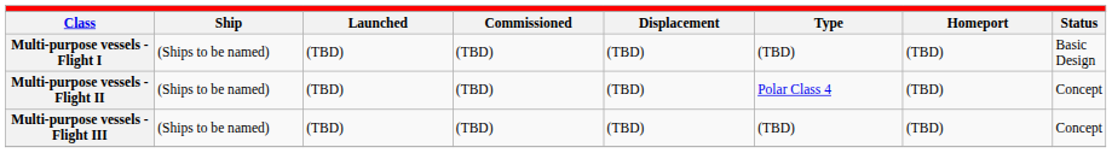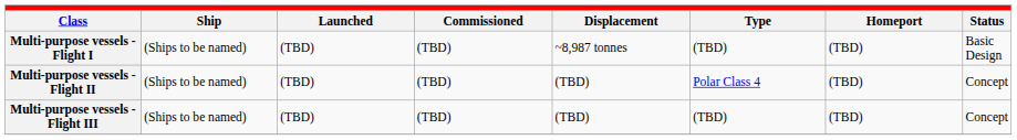 <table class="wikitable" style="margin:auto; width:100%;">
 <tr>
 <th style="align: center; background: #FF0000;" colspan="8"><strong></strong></th>
 </tr>
 <tr>
 </tr>
 <tr>
 <th style="text-align:center; width:14%;"><a href='#'>Class</a></th>
 <th style="text-align:center; width:14%;">Ship</th>
 <th style="text-align:center; width:14%;">Launched</th>
 <th style="text-align:center; width:14%;">Commissioned</th>
 <th style="text-align:center; width:14%;">Displacement</th>
 <th style="text-align:center; width:14%;">Type</th>
 <th style="text-align:center; width:14%;">Homeport</th>
 <th style="text-align:center; width:2%;">Status</th>
 </tr>
 <tr>
 <th rowspan="1">Multi-purpose vessels - Flight I</th>
 <td>(Ships to be named)</td>
 <td>(TBD)</td>
 <td>(TBD)</td>
-<td>(TBD)</td>
+<td>~8,987 tonnes</td>
 <td>(TBD)</td>
 <td>(TBD)</td>
 <td>Basic Design</td>
 </tr>
 <tr>
 <th rowspan="1">Multi-purpose vessels - Flight II</th>
 <td>(Ships to be named)</td>
 <td>(TBD)</td>
 <td>(TBD)</td>
 <td>(TBD)</td>
 <td><a href='#'>Polar Class 4</a></td>
 <td>(TBD)</td>
 <td>Concept</td>
 </tr>
 <tr>
 <th rowspan="1">Multi-purpose vessels - Flight III</th>
 <td>(Ships to be named)</td>
 <td>(TBD)</td>
 <td>(TBD)</td>
 <td>(TBD)</td>
 <td>(TBD)</td>
 <td>(TBD)</td>
 <td>Concept</td>
 </tr>
 <tr>
 </tr>
 </table>
